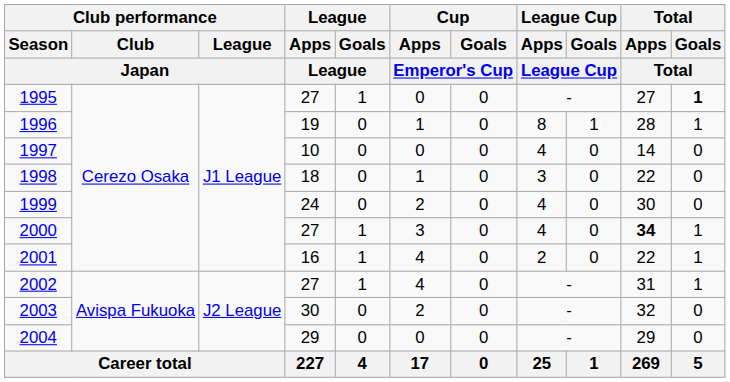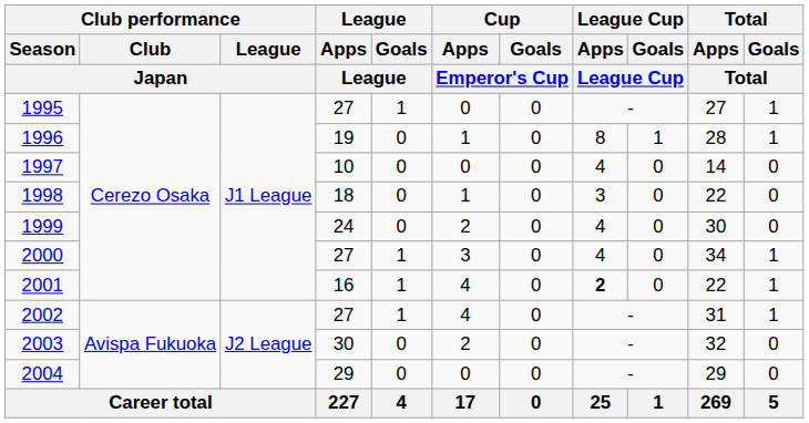 <table class="wikitable" style="text-align:center">
 <tr>
 <th colspan=3>Club performance</th>
 <th colspan=2>League</th>
 <th colspan=2>Cup</th>
 <th colspan=2>League Cup</th>
 <th colspan=2>Total</th>
 </tr>
 <tr>
 <th>Season</th>
 <th>Club</th>
 <th>League</th>
 <th>Apps</th>
 <th>Goals</th>
 <th>Apps</th>
 <th>Goals</th>
 <th>Apps</th>
 <th>Goals</th>
 <th>Apps</th>
 <th>Goals</th>
 </tr>
 <tr>
 <th colspan=3>Japan</th>
 <th colspan=2>League</th>
 <th colspan=2><a href='#'>Emperor's Cup</a></th>
 <th colspan=2><a href='#'>League Cup</a></th>
 <th colspan=2>Total</th>
 </tr>
 <tr>
 <td><a href='#'>1995</a></td>
 <td rowspan="7"><a href='#'>Cerezo Osaka</a></td>
 <td rowspan="7"><a href='#'>J1 League</a></td>
 <td>27</td>
 <td>1</td>
 <td>0</td>
 <td>0</td>
 <td colspan="2">-</td>
 <td>27</td>
-<td><strong>1</strong></td>
+<td>1</td>
 </tr>
 <tr>
 <td><a href='#'>1996</a></td>
 <td>19</td>
 <td>0</td>
 <td>1</td>
 <td>0</td>
 <td>8</td>
 <td>1</td>
 <td>28</td>
 <td>1</td>
 </tr>
 <tr>
 <td><a href='#'>1997</a></td>
 <td>10</td>
 <td>0</td>
 <td>0</td>
 <td>0</td>
 <td>4</td>
 <td>0</td>
 <td>14</td>
 <td>0</td>
 </tr>
 <tr>
 <td><a href='#'>1998</a></td>
 <td>18</td>
 <td>0</td>
 <td>1</td>
 <td>0</td>
 <td>3</td>
 <td>0</td>
 <td>22</td>
 <td>0</td>
 </tr>
 <tr>
 <td><a href='#'>1999</a></td>
 <td>24</td>
 <td>0</td>
 <td>2</td>
 <td>0</td>
 <td>4</td>
 <td>0</td>
 <td>30</td>
 <td>0</td>
 </tr>
 <tr>
 <td><a href='#'>2000</a></td>
 <td>27</td>
 <td>1</td>
 <td>3</td>
 <td>0</td>
 <td>4</td>
 <td>0</td>
-<td><strong>34</strong></td>
+<td>34</td>
 <td>1</td>
 </tr>
 <tr>
 <td><a href='#'>2001</a></td>
 <td>16</td>
 <td>1</td>
 <td>4</td>
 <td>0</td>
-<td>2</td>
+<td><strong>2</strong></td>
 <td>0</td>
 <td>22</td>
 <td>1</td>
 </tr>
 <tr>
 <td><a href='#'>2002</a></td>
 <td rowspan="3"><a href='#'>Avispa Fukuoka</a></td>
 <td rowspan="3"><a href='#'>J2 League</a></td>
 <td>27</td>
 <td>1</td>
 <td>4</td>
 <td>0</td>
 <td colspan="2">-</td>
 <td>31</td>
 <td>1</td>
 </tr>
 <tr>
 <td><a href='#'>2003</a></td>
 <td>30</td>
 <td>0</td>
 <td>2</td>
 <td>0</td>
 <td colspan="2">-</td>
 <td>32</td>
 <td>0</td>
 </tr>
 <tr>
 <td><a href='#'>2004</a></td>
 <td>29</td>
 <td>0</td>
 <td>0</td>
 <td>0</td>
 <td colspan="2">-</td>
 <td>29</td>
 <td>0</td>
 </tr>
 <tr>
 <th colspan=3>Career total</th>
 <th>227</th>
 <th>4</th>
 <th>17</th>
 <th>0</th>
 <th>25</th>
 <th>1</th>
 <th>269</th>
 <th>5</th>
 </tr>
 </table>
